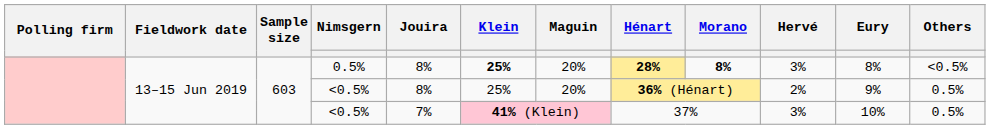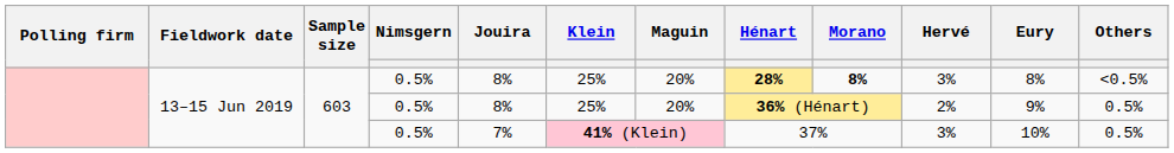 <table class="wikitable sortable" style="text-align:center;font-size:90%;line-height:14px;">
 <tr style="height:40px;">
 <th style="width:100px;" rowspan="2">Polling firm</th>
 <th style="width:110px;" rowspan="2">Fieldwork date</th>
 <th style="width:35px;" rowspan="2">Sample<br>size</th>
 <th class="unsortable" style="width:60px;">Nimsgern<br></th>
 <th class="unsortable" style="width:60px;">Jouira<br></th>
 <th class="unsortable" style="width:60px;"><a href='#'>Klein</a><br></th>
 <th class="unsortable" style="width:60px;">Maguin<br></th>
 <th class="unsortable" style="width:60px;"><a href='#'>Hénart</a><br></th>
 <th class="unsortable" style="width:60px;"><a href='#'>Morano</a><br></th>
 <th class="unsortable" style="width:60px;">Hervé<br></th>
 <th class="unsortable" style="width:60px;">Eury<br></th>
 <th class="unsortable" style="width:60px;">Others</th>
 </tr>
 <tr>
 <th style="background:"></th>
 <th style="background:"></th>
 <th style="background:"></th>
 <th style="background:"></th>
 <th style="background:"></th>
 <th style="background:"></th>
 <th style="background:"></th>
 <th style="background:"></th>
 <th style="background:"></th>
 </tr>
 <tr>
 <td rowspan="3" style="background:#FFCCCC;"></td>
 <td rowspan="3" data-sort-value="2019-06-15">13–15 Jun 2019</td>
 <td rowspan="3">603</td>
 <td>0.5%</td>
 <td>8%</td>
-<td><strong>25%</strong></td>
+<td>25%</td>
 <td>20%</td>
 <td style="background:#FFED99;"><strong>28%</strong></td>
 <td><strong>8%</strong></td>
 <td>3%</td>
 <td>8%</td>
 <td data-sort-value="0%"><0.5%</td>
 </tr>
 <tr>
-<td data-sort-value="0%"><0.5%</td>
+<td>0.5%</td>
 <td>8%</td>
 <td>25%</td>
 <td>20%</td>
 <td style="background:#FFED99;" colspan="2"><strong>36%</strong> (Hénart)</td>
 <td>2%</td>
 <td>9%</td>
 <td>0.5%</td>
 </tr>
 <tr>
-<td data-sort-value="0%"><0.5%</td>
+<td data-sort-value="0%">0.5%</td>
 <td>7%</td>
 <td style="background:#FFC6D5;" colspan="2"><strong>41%</strong> (Klein)</td>
 <td colspan="2">37%</td>
 <td>3%</td>
 <td>10%</td>
 <td>0.5%</td>
 </tr>
 </table>
